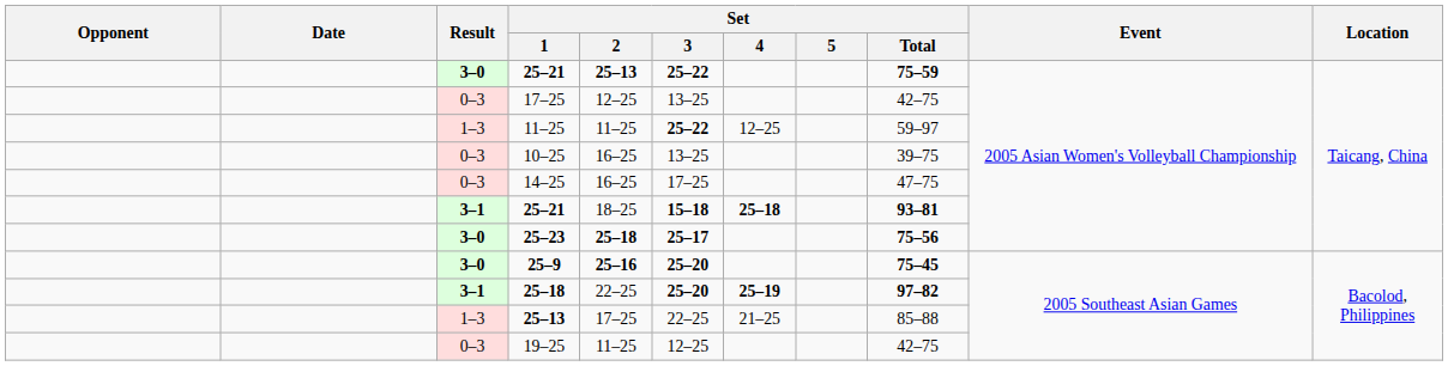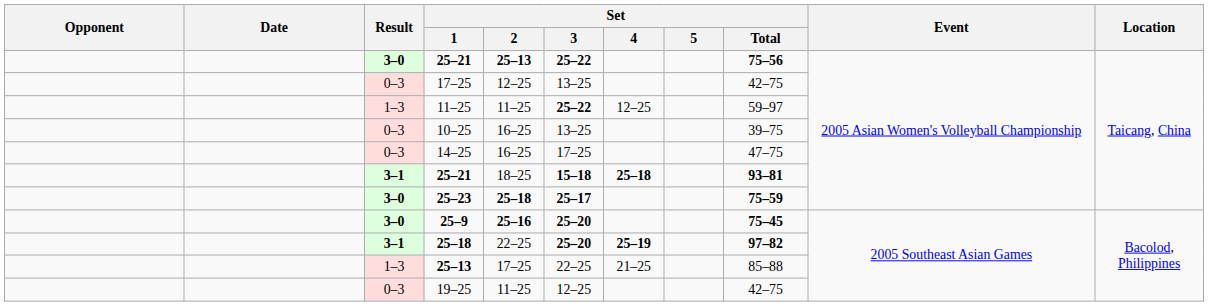 <table class="wikitable" style="font-size: 90%">
 <tr>
 <th rowspan=2 width=15%>Opponent</th>
 <th rowspan=2 width=15%>Date</th>
 <th rowspan=2 width=5%>Result</th>
 <th colspan=6>Set</th>
 <th rowspan=2 width=24%>Event</th>
 <th rowspan=2 width=16%>Location</th>
 </tr>
 <tr>
 <th width=5%>1</th>
 <th width=5%>2</th>
 <th width=5%>3</th>
 <th width=5%>4</th>
 <th width=5%>5</th>
 <th width=7%>Total</th>
 </tr>
 <tr style="text-align:center;">
 <td style="text-align:left;"></td>
 <td></td>
 <td style="background:#ddffdd;"><strong>3–0</strong></td>
 <td><strong>25–21</strong></td>
 <td><strong>25–13</strong></td>
 <td><strong>25–22</strong></td>
 <td></td>
 <td></td>
-<td><strong>75–59</strong></td>
+<td><strong>75–56</strong></td>
 <td rowspan=7><a href='#'>2005 Asian Women's Volleyball Championship</a></td>
 <td rowspan=7><a href='#'>Taicang</a>, <a href='#'>China</a></td>
 </tr>
 <tr style="text-align:center;">
 <td style="text-align:left;"></td>
 <td></td>
 <td style="background:#ffdddd;">0–3</td>
 <td>17–25</td>
 <td>12–25</td>
 <td>13–25</td>
 <td></td>
 <td></td>
 <td>42–75</td>
 </tr>
 <tr style="text-align:center;">
 <td style="text-align:left;"></td>
 <td></td>
 <td style="background:#ffdddd;">1–3</td>
 <td>11–25</td>
 <td>11–25</td>
 <td><strong>25–22</strong></td>
 <td>12–25</td>
 <td></td>
 <td>59–97</td>
 </tr>
 <tr style="text-align:center;">
 <td style="text-align:left;"></td>
 <td></td>
 <td style="background:#ffdddd;">0–3</td>
 <td>10–25</td>
 <td>16–25</td>
 <td>13–25</td>
 <td></td>
 <td></td>
 <td>39–75</td>
 </tr>
 <tr style="text-align:center;">
 <td style="text-align:left;"></td>
 <td></td>
 <td style="background:#ffdddd;">0–3</td>
 <td>14–25</td>
 <td>16–25</td>
 <td>17–25</td>
 <td></td>
 <td></td>
 <td>47–75</td>
 </tr>
 <tr style="text-align:center;">
 <td style="text-align:left;"></td>
 <td></td>
 <td style="background:#ddffdd;"><strong>3–1</strong></td>
 <td><strong>25–21</strong></td>
 <td>18–25</td>
 <td><strong>15–18</strong></td>
 <td><strong>25–18</strong></td>
 <td></td>
 <td><strong>93–81</strong></td>
 </tr>
 <tr style="text-align:center;">
 <td style="text-align:left;"></td>
 <td></td>
 <td style="background:#ddffdd;"><strong>3–0</strong></td>
 <td><strong>25–23</strong></td>
 <td><strong>25–18</strong></td>
 <td><strong>25–17</strong></td>
 <td></td>
 <td></td>
-<td><strong>75–56</strong></td>
+<td><strong>75–59</strong></td>
 </tr>
 <tr style="text-align:center;">
 <td style="text-align:left;"></td>
 <td></td>
 <td style="background:#ddffdd;"><strong>3–0</strong></td>
 <td><strong>25–9</strong></td>
 <td><strong>25–16</strong></td>
 <td><strong>25–20</strong></td>
 <td></td>
 <td></td>
 <td><strong>75–45</strong></td>
 <td rowspan=4><a href='#'>2005 Southeast Asian Games</a></td>
 <td rowspan=4><a href='#'>Bacolod</a>, <a href='#'>Philippines</a></td>
 </tr>
 <tr style="text-align:center;">
 <td style="text-align:left;"></td>
 <td></td>
 <td style="background:#ddffdd;"><strong>3–1</strong></td>
 <td><strong>25–18</strong></td>
 <td>22–25</td>
 <td><strong>25–20</strong></td>
 <td><strong>25–19</strong></td>
 <td></td>
 <td><strong>97–82</strong></td>
 </tr>
 <tr style="text-align:center;">
 <td style="text-align:left;"></td>
 <td></td>
 <td style="background:#ffdddd;">1–3</td>
 <td><strong>25–13</strong></td>
 <td>17–25</td>
 <td>22–25</td>
 <td>21–25</td>
 <td></td>
 <td>85–88</td>
 </tr>
 <tr style="text-align:center;">
 <td style="text-align:left;"></td>
 <td></td>
 <td style="background:#ffdddd;">0–3</td>
 <td>19–25</td>
 <td>11–25</td>
 <td>12–25</td>
 <td></td>
 <td></td>
 <td>42–75</td>
 </tr>
 </table>
